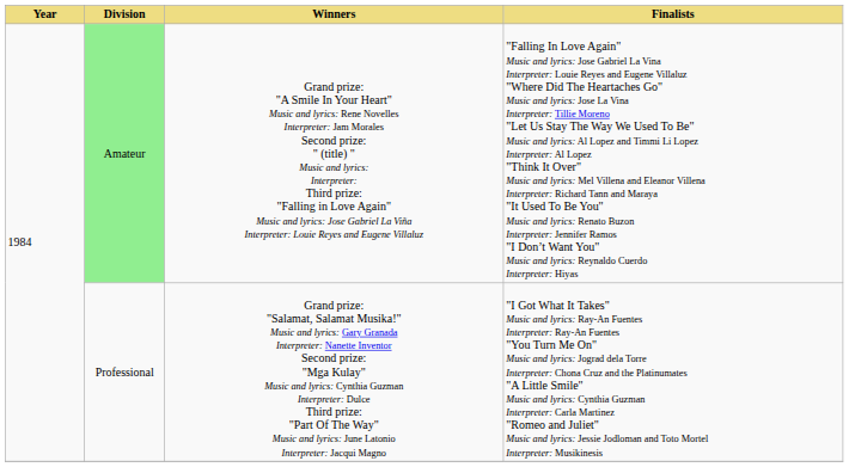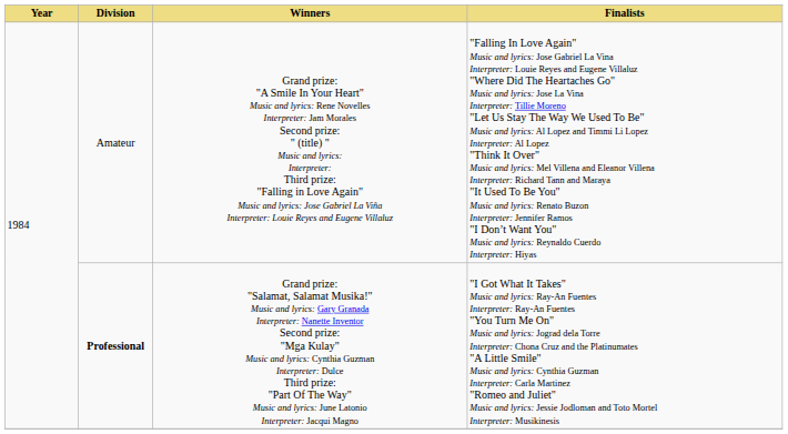 <table class="wikitable" border="1">
 <tr align=center bgcolor=lavender>
 <th style="background:#EEDD82;" width=100>Year</th>
 <th style="background:#EEDD82;" width=100>Division</th>
 <th style="background:#EEDD82;" width=450>Winners</th>
 <th style="background:#EEDD82;" width=450>Finalists</th>
 </tr>
 <tr>
 <td rowspan=2>1984</td>
-<td align="center" valign="center" style="background: lightgreen;">Amateur</td>
+<td align="center" valign="center">Amateur</td>
 <td align="center" valign="center"><br>Grand prize:<br>  "A Smile In Your Heart"<br> <small><em>Music and lyrics:</em> Rene Novelles<br> <em>Interpreter:</em> Jam Morales</small><br>Second prize:<br> " (title) "<br> <small><em>Music and lyrics:</em>  <br> <em>Interpreter:</em>  </small><br>Third prize:<br> "Falling in Love Again"<br> <small><em>Music and lyrics: Jose Gabriel La Viña</em>  <br> <em>Interpreter: Louie Reyes and Eugene Villaluz</em>  </small></td>
 <td><br>"Falling In Love Again"<br> <small><em>Music and lyrics:</em> Jose Gabriel La Vina<br> <em>Interpreter:</em> Louie Reyes and Eugene Villaluz</small><br>"Where Did The Heartaches Go"<br> <small><em>Music and lyrics:</em> Jose La Vina<br> <em>Interpreter:</em> <a href='#'>Tillie Moreno</a></small><br>"Let Us Stay The Way We Used To Be"<br> <small><em>Music and lyrics:</em> Al Lopez and Timmi Li Lopez<br> <em>Interpreter:</em> Al Lopez</small><br>"Think It Over"<br> <small><em>Music and lyrics:</em> Mel Villena and Eleanor Villena<br> <em>Interpreter:</em> Richard Tann and Maraya</small><br>"It Used To Be You"<br> <small><em>Music and lyrics:</em> Renato Buzon <br> <em>Interpreter:</em> Jennifer Ramos</small><br>"I Don’t Want You"<br> <small><em>Music and lyrics:</em> Reynaldo Cuerdo<br> <em>Interpreter:</em> Hiyas</small></td>
 </tr>
 <tr>
-<td align="center" valign="center">Professional</td>
+<td align="center" valign="center"><strong>Professional</strong></td>
 <td align="center" valign="center"><br>Grand prize:<br>  "Salamat, Salamat Musika!"<br> <small><em>Music and lyrics:</em> <a href='#'>Gary Granada</a><br> <em>Interpreter:</em> <a href='#'>Nanette Inventor</a></small><br>Second prize:<br> "Mga Kulay"<br> <small><em>Music and lyrics:</em> Cynthia Guzman<br> <em>Interpreter:</em> Dulce</small><br>Third prize:<br> "Part Of The Way"<br> <small><em>Music and lyrics:</em> June Latonio<br> <em>Interpreter:</em> Jacqui Magno</small></td>
 <td><br>"I Got What It Takes"<br> <small><em>Music and lyrics:</em> Ray-An Fuentes<br> <em>Interpreter:</em> Ray-An Fuentes</small><br>"You Turn Me On"<br> <small><em>Music and lyrics:</em> Jograd dela Torre<br> <em>Interpreter:</em> Chona Cruz and the Platinumates</small><br>"A Little Smile"<br> <small><em>Music and lyrics:</em> Cynthia Guzman<br> <em>Interpreter:</em> Carla Martinez</small><br>"Romeo and Juliet"<br> <small><em>Music and lyrics:</em> Jessie Jodloman and Toto Mortel<br> <em>Interpreter:</em> Musikinesis</small></td>
 </tr>
 <tr>
 </tr>
 </table>
